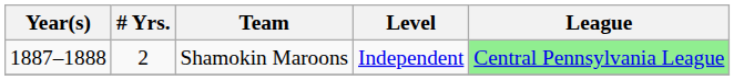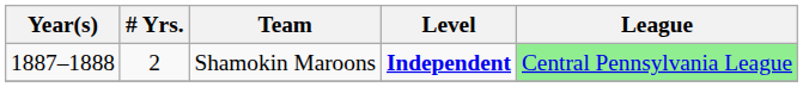 <table class="wikitable" style="text-align:center; font-size: 95%;">
 <tr>
 <th>Year(s)</th>
 <th># Yrs.</th>
 <th>Team</th>
 <th>Level</th>
 <th>League</th>
 </tr>
 <tr>
 <td>1887–1888</td>
 <td>2</td>
 <td>Shamokin Maroons</td>
-<td><a href='#'>Independent</a></td>
+<td><strong><a href='#'>Independent</a></strong></td>
 <td style="background: lightgreen;"><a href='#'>Central Pennsylvania League</a></td>
 </tr>
 <tr>
 </tr>
 </table>
